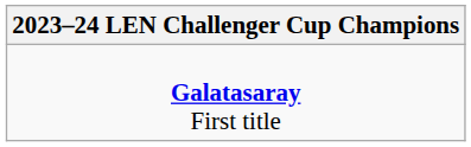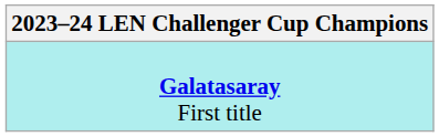 <table class=wikitable style="text-align:center; margin:auto">
 <tr>
 <th>2023–24 LEN Challenger Cup Champions</th>
 </tr>
 <tr>
-<td> <br><strong><a href='#'>Galatasaray</a></strong><br>First title</td>
+<td style="background: paleturquoise;"> <br><strong><a href='#'>Galatasaray</a></strong><br>First title</td>
 </tr>
 </table>
